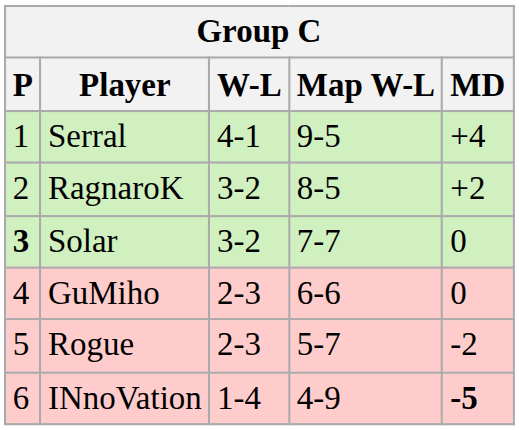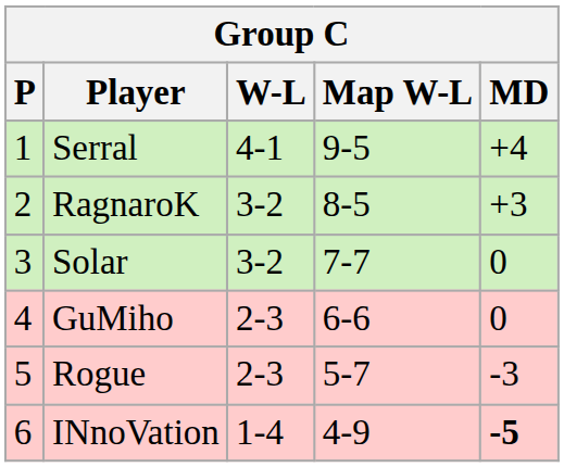 <table class="wikitable" style="display: inline-table;">
 <tr>
 <th colspan="5">Group C</th>
 </tr>
 <tr>
 <th>P</th>
 <th>Player</th>
 <th>W-L</th>
 <th>Map W-L</th>
 <th>MD</th>
 </tr>
 <tr style="background: #D0F0C0;">
 <td>1</td>
 <td>Serral</td>
 <td>4-1</td>
 <td>9-5</td>
 <td>+4</td>
 </tr>
 <tr style="background: #D0F0C0;">
 <td>2</td>
 <td>RagnaroK</td>
 <td>3-2</td>
 <td>8-5</td>
-<td>+2</td>
+<td>+3</td>
 </tr>
 <tr style="background: #D0F0C0;">
-<td><strong>3</strong></td>
+<td>3</td>
 <td>Solar</td>
 <td>3-2</td>
 <td>7-7</td>
 <td>0</td>
 </tr>
 <tr style="background: #FFCCCC;">
 <td>4</td>
 <td>GuMiho</td>
 <td>2-3</td>
 <td>6-6</td>
 <td>0</td>
 </tr>
 <tr style="background: #FFCCCC;">
 <td>5</td>
 <td>Rogue</td>
 <td>2-3</td>
 <td>5-7</td>
-<td>-2</td>
+<td>-3</td>
 </tr>
 <tr style="background: #FFCCCC;">
 <td>6</td>
 <td>INnoVation</td>
 <td>1-4</td>
 <td>4-9</td>
 <td><strong>-5</strong></td>
 </tr>
 </table>
